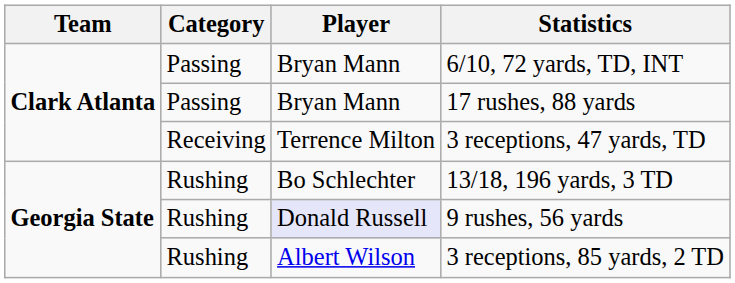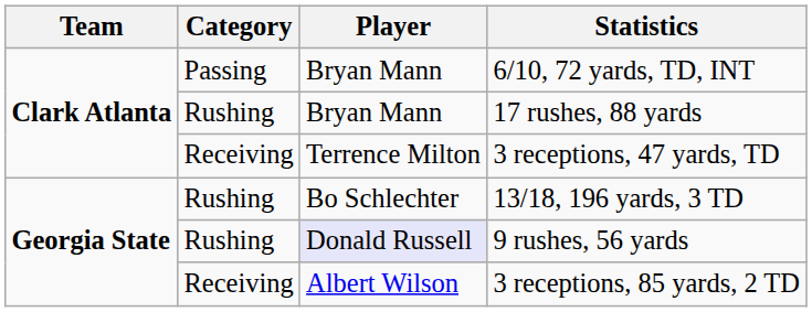 <table class="wikitable" style="float: left;">
 <tr>
 <th>Team</th>
 <th>Category</th>
 <th>Player</th>
 <th>Statistics</th>
 </tr>
 <tr>
 <td rowspan=3><strong>Clark Atlanta</strong></td>
 <td>Passing</td>
 <td>Bryan Mann</td>
 <td>6/10, 72 yards, TD, INT</td>
 </tr>
 <tr>
-<td>Passing</td>
+<td>Rushing</td>
 <td>Bryan Mann</td>
 <td>17 rushes, 88 yards</td>
 </tr>
 <tr>
 <td>Receiving</td>
 <td>Terrence Milton</td>
 <td>3 receptions, 47 yards, TD</td>
 </tr>
 <tr>
 <td rowspan=3><strong>Georgia State</strong></td>
 <td>Rushing</td>
 <td>Bo Schlechter</td>
 <td>13/18, 196 yards, 3 TD</td>
 </tr>
 <tr>
 <td>Rushing</td>
 <td style="background: lavender;">Donald Russell</td>
 <td>9 rushes, 56 yards</td>
 </tr>
 <tr>
-<td>Rushing</td>
+<td>Receiving</td>
 <td><a href='#'>Albert Wilson</a></td>
 <td>3 receptions, 85 yards, 2 TD</td>
 </tr>
 </table>
